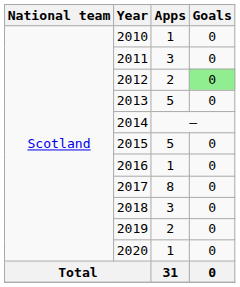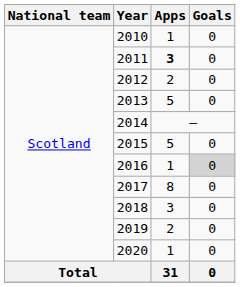 <table class=wikitable style="text-align:center">
 <tr>
 <th>National team</th>
 <th>Year</th>
 <th>Apps</th>
 <th>Goals</th>
 </tr>
 <tr>
 <td rowspan="11"><a href='#'>Scotland</a></td>
 <td>2010</td>
 <td>1</td>
 <td>0</td>
 </tr>
 <tr>
 <td>2011</td>
-<td>3</td>
+<td><strong>3</strong></td>
 <td>0</td>
 </tr>
 <tr>
 <td>2012</td>
 <td>2</td>
-<td style="background: lightgreen;">0</td>
+<td>0</td>
 </tr>
 <tr>
 <td>2013</td>
 <td>5</td>
 <td>0</td>
 </tr>
 <tr>
 <td>2014</td>
 <td colspan=2>—</td>
 </tr>
 <tr>
 <td>2015</td>
 <td>5</td>
 <td>0</td>
 </tr>
 <tr>
 <td>2016</td>
 <td>1</td>
-<td>0</td>
+<td style="background: lightgrey;">0</td>
 </tr>
 <tr>
 <td>2017</td>
 <td>8</td>
 <td>0</td>
 </tr>
 <tr>
 <td>2018</td>
 <td>3</td>
 <td>0</td>
 </tr>
 <tr>
 <td>2019</td>
 <td>2</td>
 <td>0</td>
 </tr>
 <tr>
 <td>2020</td>
 <td>1</td>
 <td>0</td>
 </tr>
 <tr>
 <th colspan=2>Total</th>
 <th>31</th>
 <th>0</th>
 </tr>
 <tr>
 </tr>
 </table>
